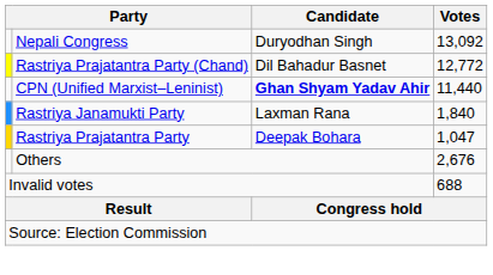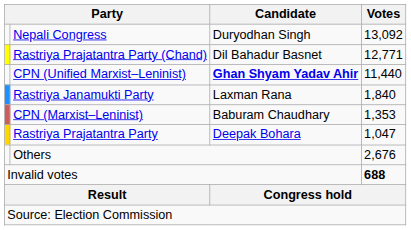 <table class="wikitable">
 <tr>
 <th colspan="2">Party</th>
 <th>Candidate</th>
 <th>Votes</th>
 </tr>
 <tr>
 <td style="background-color:"></td>
 <td><a href='#'>Nepali Congress</a></td>
 <td>Duryodhan Singh</td>
 <td>13,092</td>
 </tr>
 <tr>
 <td style="background-color:yellow"></td>
 <td><a href='#'>Rastriya Prajatantra Party (Chand)</a></td>
 <td>Dil Bahadur Basnet</td>
-<td>12,772</td>
+<td>12,771</td>
 </tr>
 <tr>
 <td style="background-color:"></td>
 <td><a href='#'>CPN (Unified Marxist–Leninist)</a></td>
 <td><strong><a href='#'>Ghan Shyam Yadav Ahir</a></strong></td>
 <td>11,440</td>
 </tr>
 <tr>
 <td style="background-color:dodgerblue"></td>
 <td><a href='#'>Rastriya Janamukti Party</a></td>
 <td>Laxman Rana</td>
 <td>1,840</td>
 </tr>
 <tr>
+<td style="background-color:indianred"></td>
+<td><a href='#'>CPN (Marxist–Leninist)</a></td>
+<td>Baburam Chaudhary</td>
+<td>1,353</td>
+</tr>
+<tr>
 <td style="background-color:gold"></td>
 <td><a href='#'>Rastriya Prajatantra Party</a></td>
 <td><a href='#'>Deepak Bohara</a></td>
 <td>1,047</td>
 </tr>
 <tr>
 <td></td>
 <td colspan="2">Others</td>
 <td>2,676</td>
 </tr>
 <tr>
 <td colspan="3">Invalid votes</td>
-<td>688</td>
+<td><strong>688</strong></td>
 </tr>
 <tr>
 <th colspan="2">Result</th>
 <th colspan="2">Congress hold</th>
 </tr>
 <tr>
 <td colspan="4">Source: Election Commission</td>
 </tr>
 </table>
